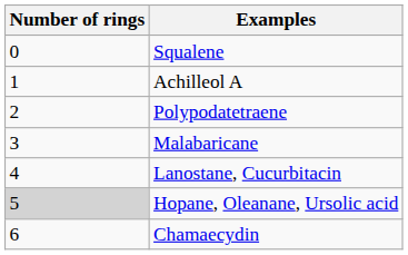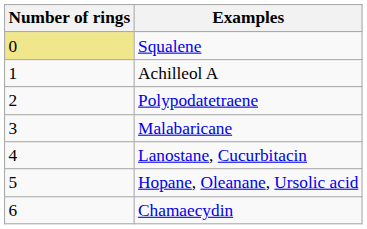 <table class="wikitable">
 <tr>
 <th>Number of rings</th>
 <th>Examples</th>
 </tr>
 <tr>
-<td>0</td>
+<td style="background: khaki;">0</td>
 <td><a href='#'>Squalene</a></td>
 </tr>
 <tr>
 <td>1</td>
 <td>Achilleol A </td>
 </tr>
 <tr>
 <td>2</td>
 <td><a href='#'>Polypodatetraene</a></td>
 </tr>
 <tr>
 <td>3</td>
 <td><a href='#'>Malabaricane</a></td>
 </tr>
 <tr>
 <td>4</td>
 <td><a href='#'>Lanostane</a>, <a href='#'>Cucurbitacin</a></td>
 </tr>
 <tr>
-<td style="background: lightgrey;">5</td>
+<td>5</td>
 <td><a href='#'>Hopane</a>, <a href='#'>Oleanane</a>, <a href='#'>Ursolic acid</a></td>
 </tr>
 <tr>
 <td>6</td>
 <td><a href='#'>Chamaecydin</a></td>
 </tr>
 </table>
